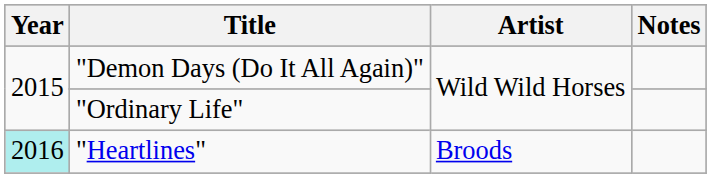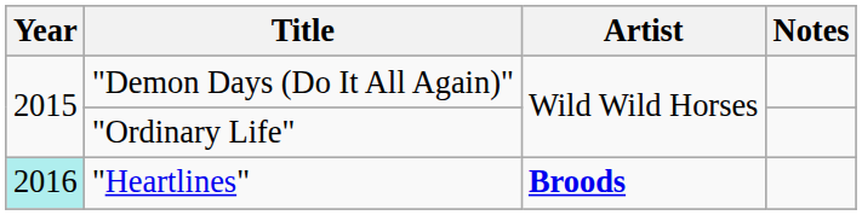 <table class="wikitable sortable">
 <tr>
 <th>Year</th>
 <th>Title</th>
 <th>Artist</th>
 <th class="unsortable">Notes</th>
 </tr>
 <tr>
 <td rowspan="2">2015</td>
 <td>"Demon Days (Do It All Again)"</td>
 <td rowspan="2">Wild Wild Horses</td>
 <td></td>
 </tr>
 <tr>
 <td>"Ordinary Life"</td>
 <td></td>
 </tr>
 <tr>
 <td style="background: paleturquoise;">2016</td>
 <td>"<a href='#'>Heartlines</a>"</td>
-<td><a href='#'>Broods</a></td>
+<td><strong><a href='#'>Broods</a></strong></td>
 <td></td>
 </tr>
 </table>
